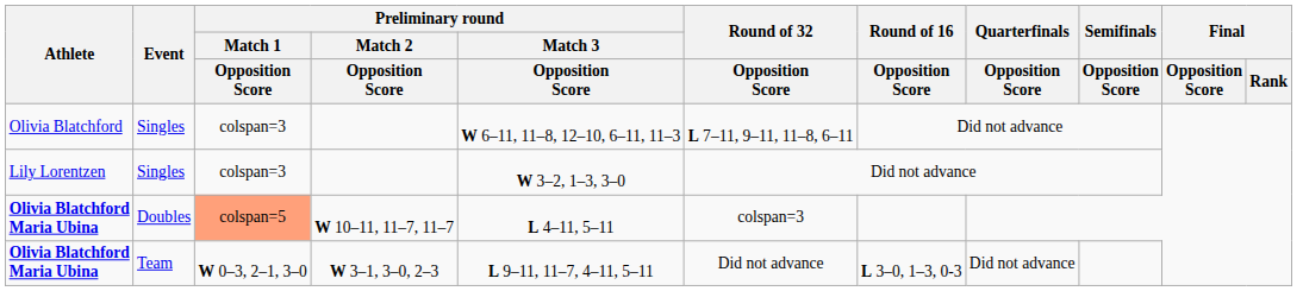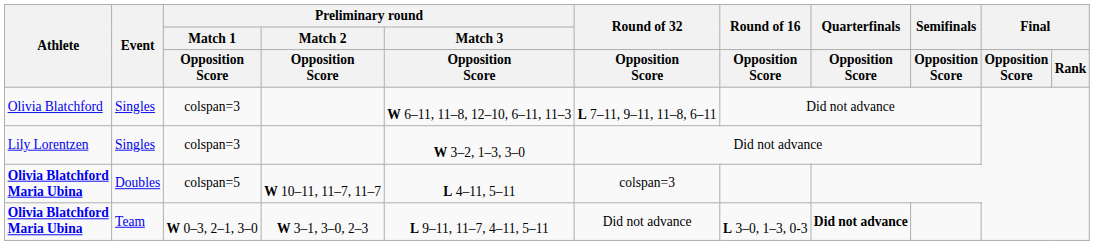 <table class="wikitable" style="font-size:90%">
 <tr>
 <th rowspan=3>Athlete</th>
 <th rowspan=3>Event</th>
 <th colspan=3>Preliminary round</th>
 <th rowspan=2>Round of 32</th>
 <th rowspan=2>Round of 16</th>
 <th rowspan=2>Quarterfinals</th>
 <th rowspan=2>Semifinals</th>
 <th colspan=2 rowspan=2>Final</th>
 </tr>
 <tr>
 <th>Match 1</th>
 <th>Match 2</th>
 <th>Match 3</th>
 </tr>
 <tr>
 <th>Opposition<br>Score</th>
 <th>Opposition<br>Score</th>
 <th>Opposition<br>Score</th>
 <th>Opposition<br>Score</th>
 <th>Opposition<br>Score</th>
 <th>Opposition<br>Score</th>
 <th>Opposition<br>Score</th>
 <th>Opposition<br>Score</th>
 <th>Rank</th>
 </tr>
 <tr align=center>
 <td align=left><a href='#'>Olivia Blatchford</a></td>
 <td align=left><a href='#'>Singles</a></td>
 <td>colspan=3 </td>
 <td></td>
 <td><br><strong>W</strong> 6–11, 11–8, 12–10, 6–11, 11–3</td>
 <td><br><strong>L</strong> 7–11, 9–11, 11–8, 6–11</td>
 <td colspan=3>Did not advance</td>
 </tr>
 <tr align=center>
 <td align=left><a href='#'>Lily Lorentzen</a></td>
 <td align=left><a href='#'>Singles</a></td>
 <td>colspan=3 </td>
 <td></td>
 <td><br><strong>W</strong> 3–2, 1–3, 3–0</td>
 <td colspan=4>Did not advance</td>
 </tr>
 <tr align=center>
 <td align=left><strong><a href='#'>Olivia Blatchford</a><br><a href='#'>Maria Ubina</a></strong></td>
 <td align=left><a href='#'>Doubles</a></td>
-<td style="background: lightsalmon;">colspan=5 </td>
+<td>colspan=5 </td>
 <td><br><strong>W</strong> 10–11, 11–7, 11–7</td>
 <td><br><strong>L</strong> 4–11, 5–11</td>
 <td>colspan=3 </td>
 <td></td>
 </tr>
 <tr align=center>
 <td align=left><strong><a href='#'>Olivia Blatchford</a><br><a href='#'>Maria Ubina</a></strong></td>
 <td align=left><a href='#'>Team</a></td>
 <td><br><strong>W</strong> 0–3, 2–1, 3–0</td>
 <td><br><strong>W</strong> 3–1, 3–0, 2–3</td>
 <td><br><strong>L</strong> 9–11, 11–7, 4–11, 5–11</td>
 <td>Did not advance</td>
 <td><br><strong>L</strong> 3–0, 1–3, 0-3</td>
-<td>Did not advance</td>
+<td><strong>Did not advance</strong></td>
 <td></td>
 </tr>
 </table>
